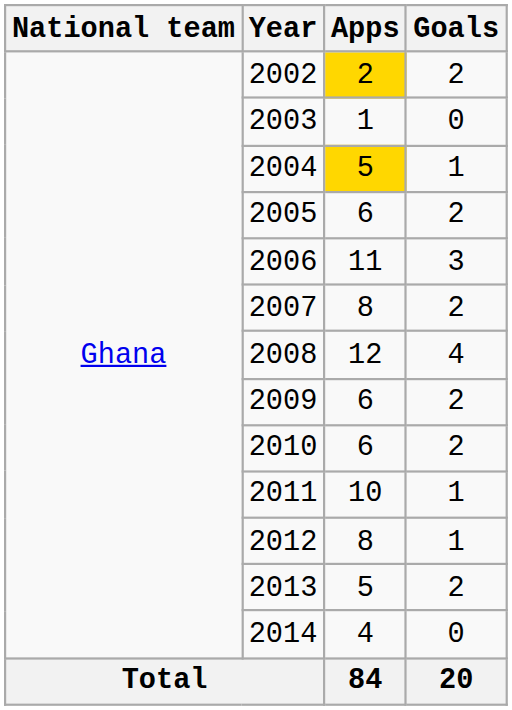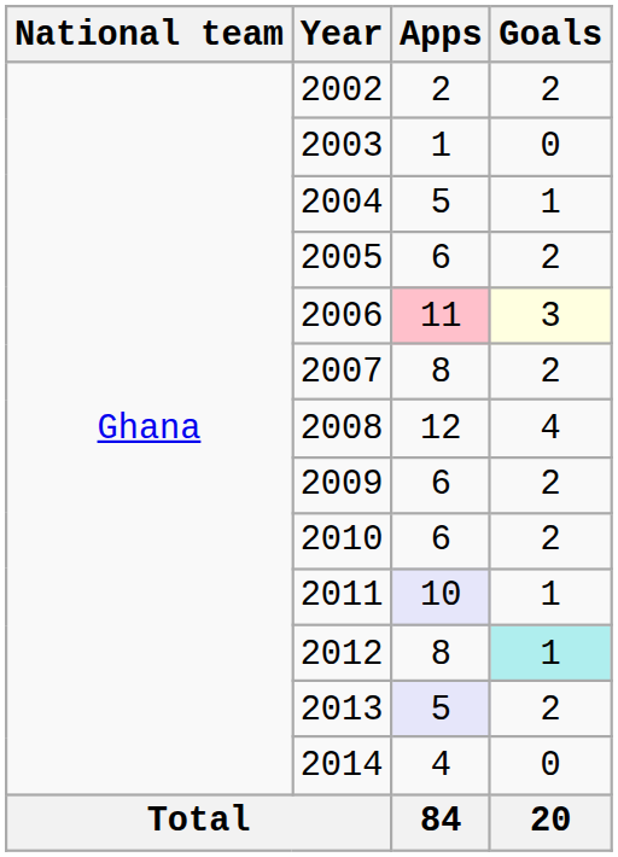 <table class="wikitable" style="text-align:center">
 <tr>
 <th>National team</th>
 <th>Year</th>
 <th>Apps</th>
 <th>Goals</th>
 </tr>
 <tr>
 <td rowspan="13"><a href='#'>Ghana</a></td>
 <td>2002</td>
-<td style="background: gold;">2</td>
+<td>2</td>
 <td>2</td>
 </tr>
 <tr>
 <td>2003</td>
 <td>1</td>
 <td>0</td>
 </tr>
 <tr>
 <td>2004</td>
-<td style="background: gold;">5</td>
+<td>5</td>
 <td>1</td>
 </tr>
 <tr>
 <td>2005</td>
 <td>6</td>
 <td>2</td>
 </tr>
 <tr>
 <td>2006</td>
-<td>11</td>
-<td>3</td>
+<td style="background: pink;">11</td>
+<td style="background: lightyellow;">3</td>
 </tr>
 <tr>
 <td>2007</td>
 <td>8</td>
 <td>2</td>
 </tr>
 <tr>
 <td>2008</td>
 <td>12</td>
 <td>4</td>
 </tr>
 <tr>
 <td>2009</td>
 <td>6</td>
 <td>2</td>
 </tr>
 <tr>
 <td>2010</td>
 <td>6</td>
 <td>2</td>
 </tr>
 <tr>
 <td>2011</td>
-<td>10</td>
+<td style="background: lavender;">10</td>
 <td>1</td>
 </tr>
 <tr>
 <td>2012</td>
 <td>8</td>
-<td>1</td>
+<td style="background: paleturquoise;">1</td>
 </tr>
 <tr>
 <td>2013</td>
-<td>5</td>
+<td style="background: lavender;">5</td>
 <td>2</td>
 </tr>
 <tr>
 <td>2014</td>
 <td>4</td>
 <td>0</td>
 </tr>
 <tr>
 <th colspan="2">Total</th>
 <th>84</th>
 <th>20</th>
 </tr>
 </table>
